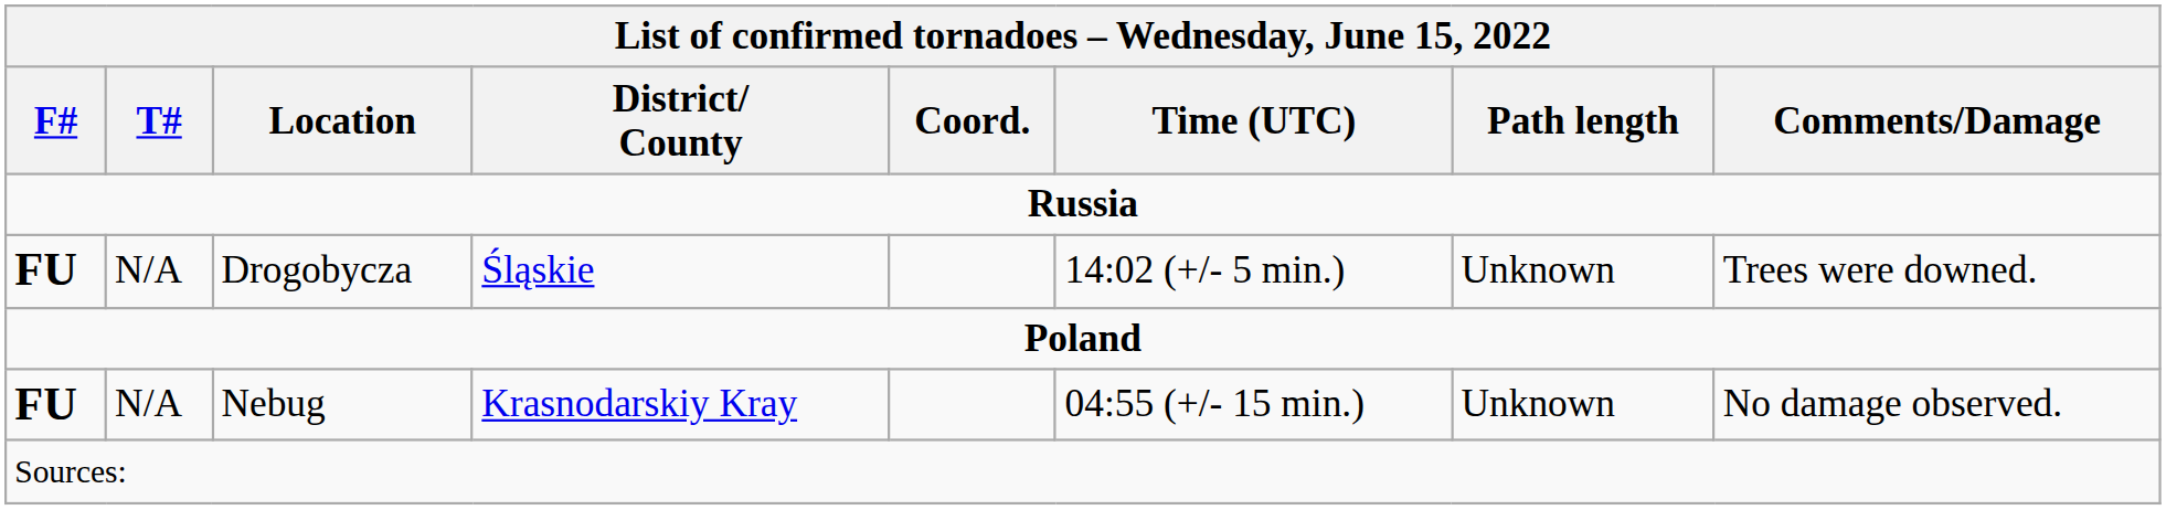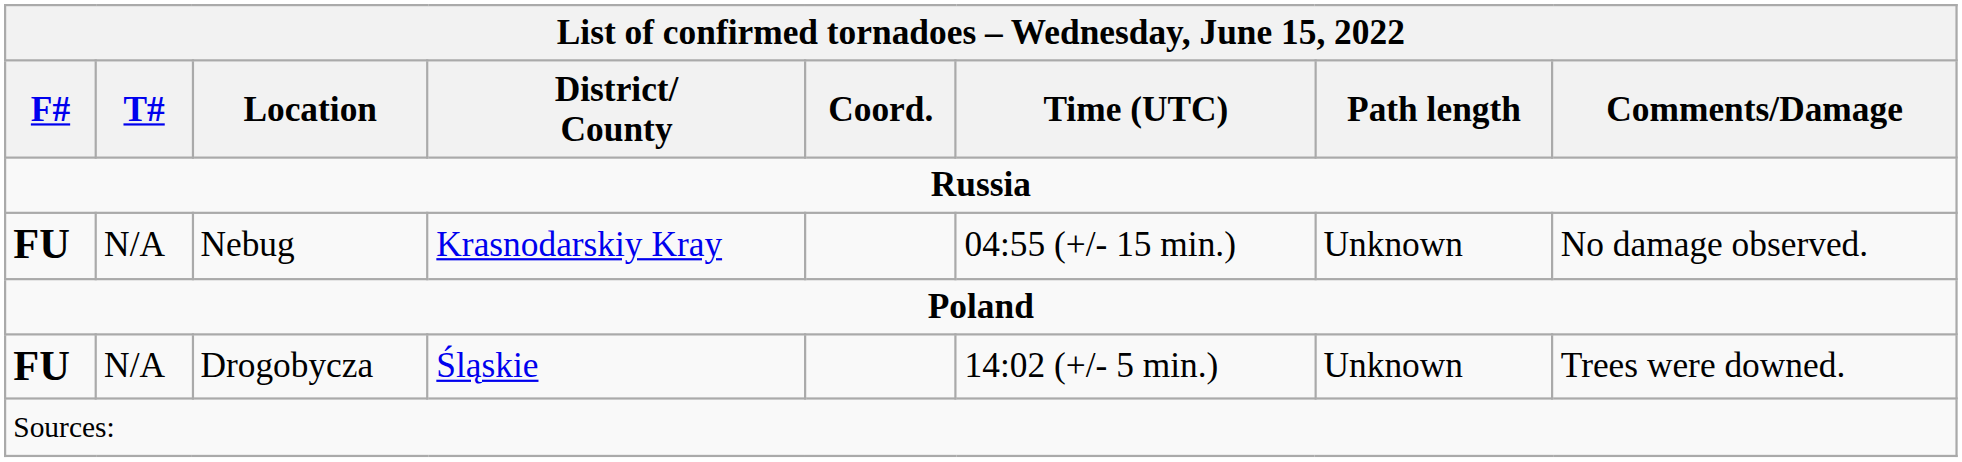 <table class="wikitable collapsible" width="100%">
 <tr>
 <th colspan="8">List of confirmed tornadoes – Wednesday, June 15, 2022</th>
 </tr>
 <tr>
 <th><a href='#'>F#</a></th>
 <th><a href='#'>T#</a></th>
 <th>Location</th>
 <th>District/<br>County</th>
 <th>Coord.</th>
 <th>Time (UTC)</th>
 <th>Path length</th>
 <th>Comments/Damage</th>
 </tr>
 <tr>
 <td colspan="8" align=center><strong>Russia</strong></td>
 </tr>
 <tr>
 <td><big><strong>FU</strong></big></td>
 <td>N/A</td>
+<td>Nebug</td>
+<td><a href='#'>Krasnodarskiy Kray</a></td>
+<td></td>
+<td>04:55 (+/- 15 min.)</td>
+<td>Unknown</td>
+<td>No damage observed.</td>
+</tr>
+<tr>
+<td colspan="8" align=center><strong>Poland</strong></td>
+</tr>
+<tr>
+<td><big><strong>FU</strong></big></td>
+<td>N/A</td>
 <td>Drogobycza</td>
 <td><a href='#'>Śląskie</a></td>
 <td></td>
 <td>14:02 (+/- 5 min.)</td>
 <td>Unknown</td>
 <td>Trees were downed.</td>
 </tr>
 <tr>
-<td colspan="8" align=center><strong>Poland</strong></td>
-</tr>
-<tr>
-<td><big><strong>FU</strong></big></td>
-<td>N/A</td>
-<td>Nebug</td>
-<td><a href='#'>Krasnodarskiy Kray</a></td>
-<td></td>
-<td>04:55 (+/- 15 min.)</td>
-<td>Unknown</td>
-<td>No damage observed.</td>
-</tr>
-<tr>
 <td colspan="8"><small>Sources:  </small></td>
 </tr>
 </table>
